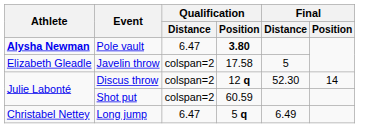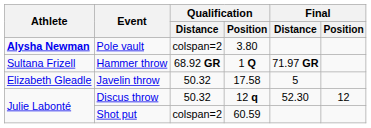 <table class=wikitable style="font-size:90%">
 <tr>
 <th rowspan="2">Athlete</th>
 <th rowspan="2">Event</th>
 <th colspan="2">Qualification</th>
 <th colspan="2">Final</th>
 </tr>
 <tr style="font-size:95%">
 <th>Distance</th>
 <th>Position</th>
 <th>Distance</th>
 <th>Position</th>
 </tr>
 <tr align=center>
 <td align=left><strong><a href='#'>Alysha Newman</a></strong></td>
 <td align=left><a href='#'>Pole vault</a></td>
-<td>6.47</td>
-<td><strong>3.80</strong></td>
+<td>colspan=2 </td>
+<td>3.80</td>
+<td></td>
+</tr>
+<tr align=center>
+<td align=left><a href='#'>Sultana Frizell</a></td>
+<td align=left><a href='#'>Hammer throw</a></td>
+<td>68.92 <strong>GR</strong></td>
+<td>1 <strong>Q</strong></td>
+<td>71.97 <strong>GR</strong></td>
 <td></td>
 </tr>
 <tr align=center>
 <td align=left><a href='#'>Elizabeth Gleadle</a></td>
 <td align=left><a href='#'>Javelin throw</a></td>
-<td>colspan=2 </td>
+<td>50.32</td>
 <td>17.58</td>
 <td>5</td>
 </tr>
 <tr align=center>
 <td align=left rowspan="2"><a href='#'>Julie Labonté</a></td>
 <td align=left><a href='#'>Discus throw</a></td>
-<td>colspan=2 </td>
+<td>50.32</td>
 <td>12 <strong>q</strong></td>
 <td>52.30</td>
-<td>14</td>
+<td>12</td>
 </tr>
 <tr align=center>
 <td align=left><a href='#'>Shot put</a></td>
 <td>colspan=2 </td>
 <td>60.59</td>
 <td></td>
 </tr>
-<tr align=center>
-<td align=left><a href='#'>Christabel Nettey</a></td>
-<td align=left><a href='#'>Long jump</a></td>
-<td>6.47</td>
-<td>5 <strong>q</strong></td>
-<td>6.49</td>
-<td></td>
-</tr>
 </table>
